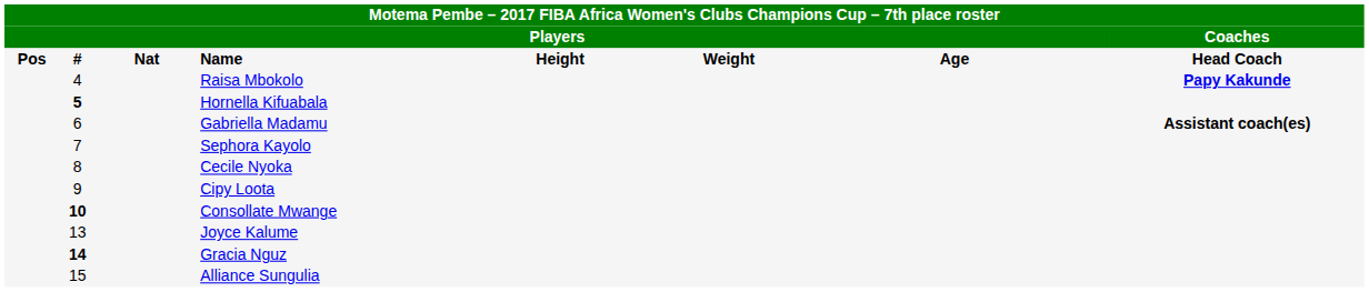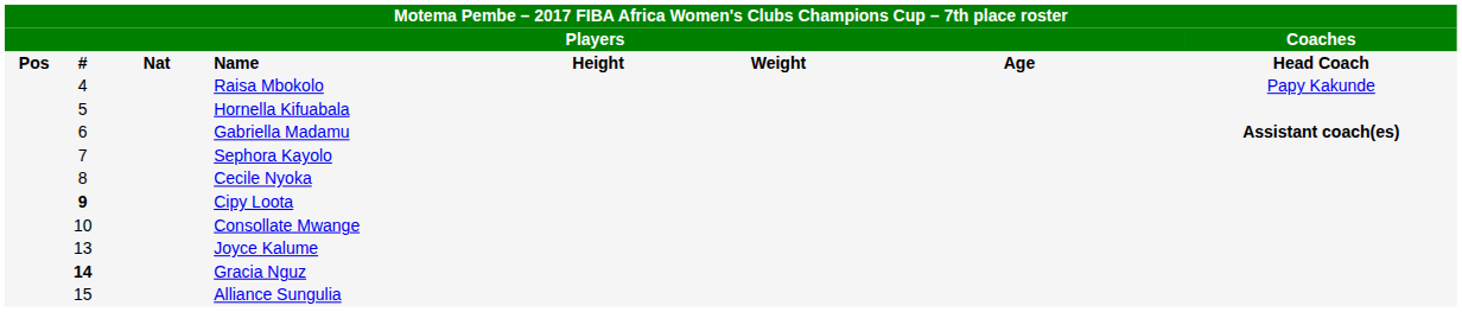 <table border=0 cellpadding=2 cellspacing=0  |- bgcolor=#f5f5f5 style="text-align:center; font-size:85%;" width=75%>
 <tr>
 <td colspan="8" style="background: green; color: white"><strong>Motema Pembe – 2017 FIBA Africa Women's Clubs Champions Cup – 7th place roster</strong></td>
 </tr>
 <tr>
 <td colspan="7" style="background: green; color: white"><strong>Players</strong></td>
 <td style="background: green; color: white"><strong>Coaches</strong></td>
 </tr>
 <tr style="background=#f5f5f5; color: black">
 <th width=5px>Pos</th>
 <th width=5px>#</th>
 <th width=50px>Nat</th>
 <th width=135px align=left>Name</th>
 <th width=100px>Height</th>
 <th width=70px>Weight</th>
 <th width=160px>Age</th>
 <th width=130px>Head Coach</th>
 </tr>
 <tr>
 <td></td>
 <td>4</td>
 <td></td>
 <td align=left><a href='#'>Raisa Mbokolo</a></td>
 <td></td>
 <td></td>
 <td><span></span></td>
-<td><strong> <a href='#'>Papy Kakunde</a></strong></td>
+<td> <a href='#'>Papy Kakunde</a></td>
 </tr>
 <tr>
 <td></td>
-<td><strong>5</strong></td>
+<td>5</td>
 <td></td>
 <td align=left><a href='#'>Hornella Kifuabala</a></td>
 <td></td>
 <td></td>
 <td><span></span></td>
 </tr>
 <tr>
 <td></td>
 <td>6</td>
 <td></td>
 <td align=left><a href='#'>Gabriella Madamu</a></td>
 <td></td>
 <td></td>
 <td><span></span></td>
 <td><strong>Assistant coach(es)</strong></td>
 </tr>
 <tr>
 <td></td>
 <td>7</td>
 <td></td>
 <td align=left><a href='#'>Sephora Kayolo</a></td>
 <td></td>
 <td></td>
 <td><span></span></td>
 <td></td>
 </tr>
 <tr>
 <td></td>
 <td>8</td>
 <td></td>
 <td align=left><a href='#'>Cecile Nyoka</a></td>
 <td><span></span></td>
 <td></td>
 <td><span></span></td>
 </tr>
 <tr>
 <td></td>
-<td>9</td>
+<td><strong>9</strong></td>
 <td></td>
 <td align=left><a href='#'>Cipy Loota</a></td>
 <td></td>
 <td></td>
 <td><span></span></td>
 </tr>
 <tr>
 <td></td>
-<td><strong>10</strong></td>
+<td>10</td>
 <td></td>
 <td align=left><a href='#'>Consollate Mwange</a></td>
 <td></td>
 <td></td>
 <td><span></span></td>
 </tr>
 <tr>
 <td></td>
 <td>13</td>
 <td></td>
 <td align=left><a href='#'>Joyce Kalume</a></td>
 <td></td>
 <td></td>
 <td><span></span></td>
 </tr>
 <tr>
 <td></td>
 <td><strong>14</strong></td>
 <td></td>
 <td align=left><a href='#'>Gracia Nguz</a></td>
 <td></td>
 <td></td>
 <td><span></span></td>
 </tr>
 <tr>
 <td></td>
 <td>15</td>
 <td></td>
 <td align=left><a href='#'>Alliance Sungulia</a></td>
 <td></td>
 <td></td>
 <td><span></span></td>
 </tr>
 </table>
